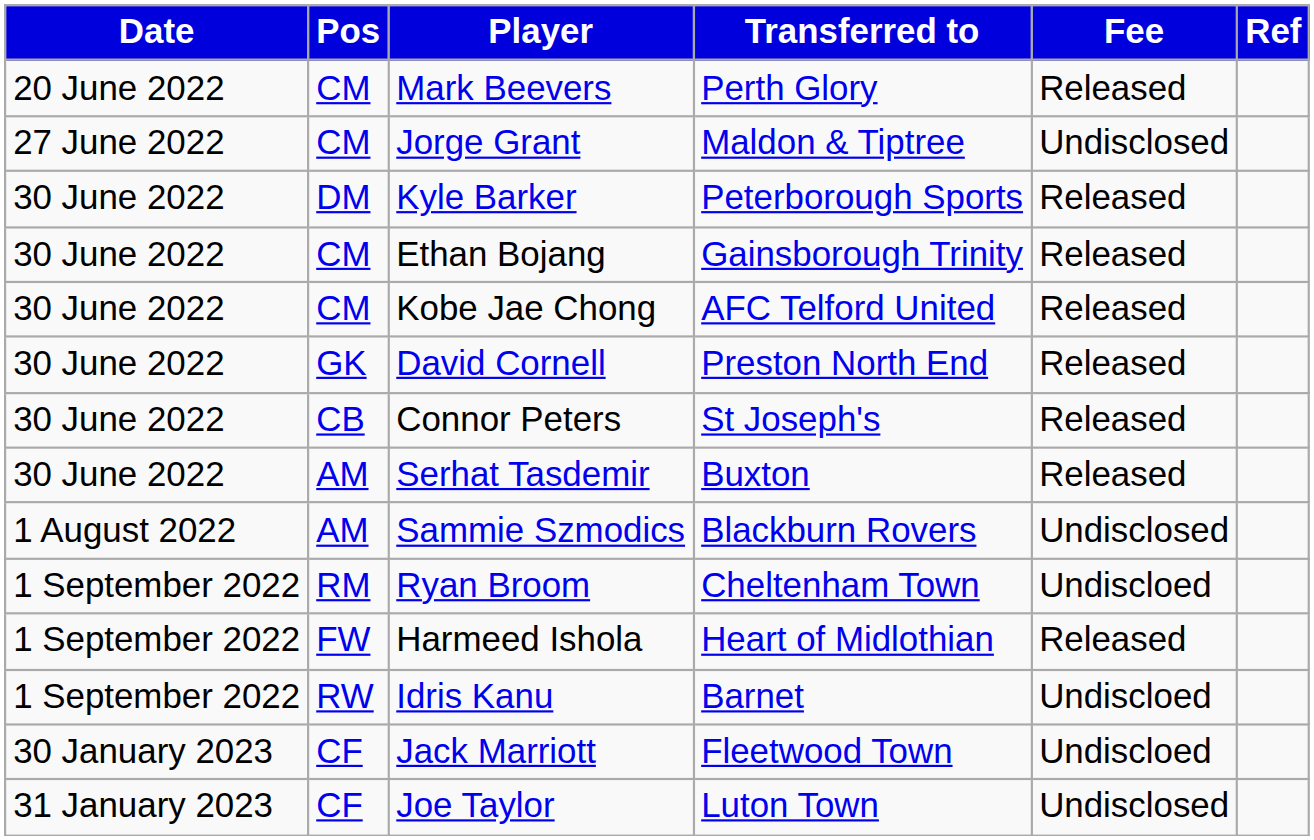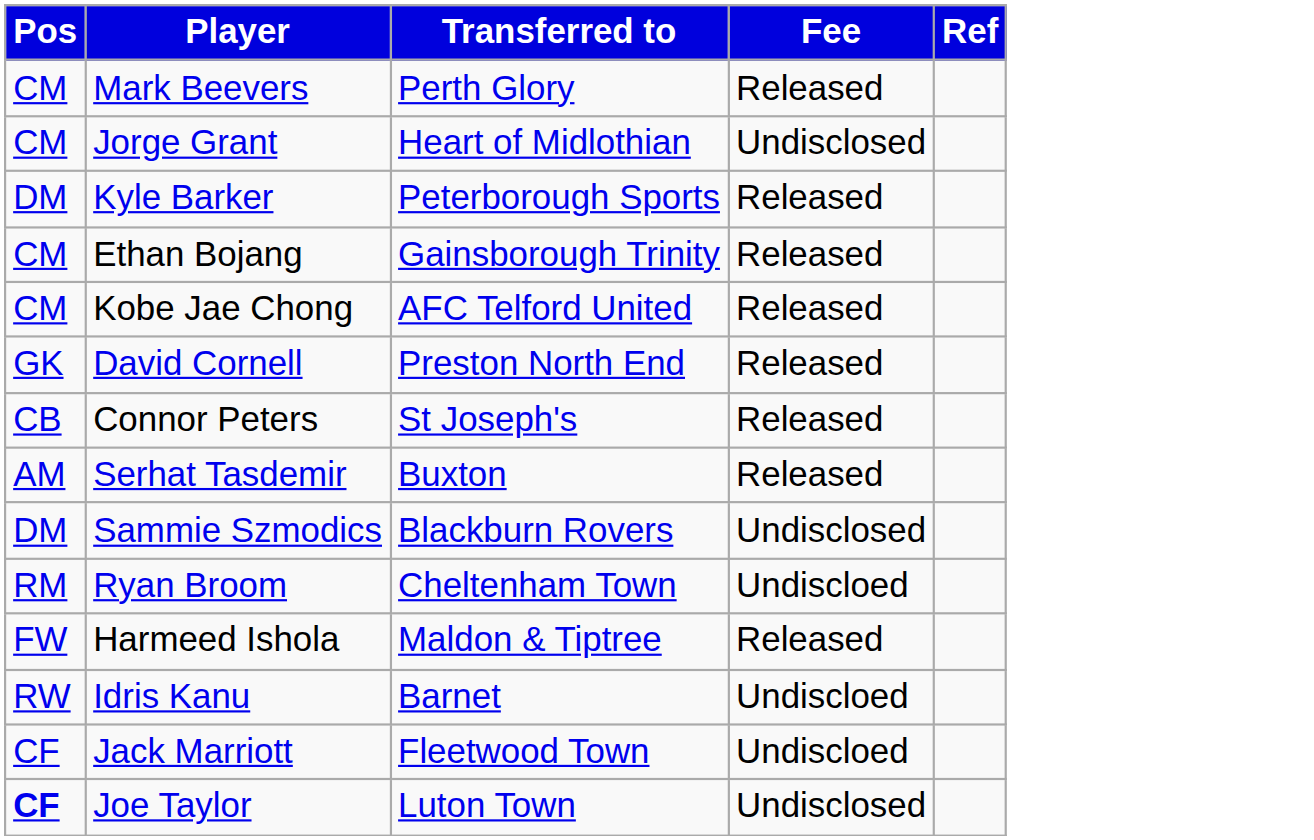 <table class="wikitable plainrowheaders sortable">
 <tr>
-<th style="background:#0000DD; color:#FFFFFF; ">Date</th>
 <th style="background:#0000DD; color:#FFFFFF; ">Pos</th>
 <th style="background:#0000DD; color:#FFFFFF; ">Player</th>
 <th style="background:#0000DD; color:#FFFFFF; ">Transferred to</th>
 <th style="background:#0000DD; color:#FFFFFF; ">Fee</th>
 <th style="background:#0000DD; color:#FFFFFF; ">Ref</th>
 </tr>
 <tr>
-<td>20 June 2022</td>
 <td><a href='#'>CM</a></td>
 <td> <a href='#'>Mark Beevers</a></td>
 <td> <a href='#'>Perth Glory</a></td>
 <td>Released</td>
 <td></td>
 </tr>
 <tr>
-<td>27 June 2022</td>
 <td><a href='#'>CM</a></td>
 <td> <a href='#'>Jorge Grant</a></td>
-<td> <a href='#'>Maldon & Tiptree</a></td>
+<td> <a href='#'>Heart of Midlothian</a></td>
 <td>Undisclosed</td>
 <td></td>
 </tr>
 <tr>
-<td>30 June 2022</td>
 <td><a href='#'>DM</a></td>
 <td> <a href='#'>Kyle Barker</a></td>
 <td> <a href='#'>Peterborough Sports</a></td>
 <td>Released</td>
 <td></td>
 </tr>
 <tr>
-<td>30 June 2022</td>
 <td><a href='#'>CM</a></td>
 <td> Ethan Bojang</td>
 <td> <a href='#'>Gainsborough Trinity</a></td>
 <td>Released</td>
 <td></td>
 </tr>
 <tr>
-<td>30 June 2022</td>
 <td><a href='#'>CM</a></td>
 <td> Kobe Jae Chong</td>
 <td> <a href='#'>AFC Telford United</a></td>
 <td>Released</td>
 <td></td>
 </tr>
 <tr>
-<td>30 June 2022</td>
 <td><a href='#'>GK</a></td>
 <td> <a href='#'>David Cornell</a></td>
 <td> <a href='#'>Preston North End</a></td>
 <td>Released</td>
 <td></td>
 </tr>
 <tr>
-<td>30 June 2022</td>
 <td><a href='#'>CB</a></td>
 <td> Connor Peters</td>
 <td> <a href='#'>St Joseph's</a></td>
 <td>Released</td>
 <td></td>
 </tr>
 <tr>
-<td>30 June 2022</td>
 <td><a href='#'>AM</a></td>
 <td> <a href='#'>Serhat Tasdemir</a></td>
 <td> <a href='#'>Buxton</a></td>
 <td>Released</td>
 <td></td>
 </tr>
 <tr>
-<td>1 August 2022</td>
-<td><a href='#'>AM</a></td>
+<td><a href='#'>DM</a></td>
 <td> <a href='#'>Sammie Szmodics</a></td>
 <td> <a href='#'>Blackburn Rovers</a></td>
 <td>Undisclosed</td>
 <td></td>
 </tr>
 <tr>
-<td>1 September 2022</td>
 <td><a href='#'>RM</a></td>
 <td> <a href='#'>Ryan Broom</a></td>
 <td> <a href='#'>Cheltenham Town</a></td>
 <td>Undiscloed</td>
 <td></td>
 </tr>
 <tr>
-<td>1 September 2022</td>
 <td><a href='#'>FW</a></td>
 <td> Harmeed Ishola</td>
-<td> <a href='#'>Heart of Midlothian</a></td>
+<td> <a href='#'>Maldon & Tiptree</a></td>
 <td>Released</td>
 <td></td>
 </tr>
 <tr>
-<td>1 September 2022</td>
 <td><a href='#'>RW</a></td>
 <td> <a href='#'>Idris Kanu</a></td>
 <td> <a href='#'>Barnet</a></td>
 <td>Undiscloed</td>
 <td></td>
 </tr>
 <tr>
-<td>30 January 2023</td>
 <td><a href='#'>CF</a></td>
 <td> <a href='#'>Jack Marriott</a></td>
 <td> <a href='#'>Fleetwood Town</a></td>
 <td>Undiscloed</td>
 <td></td>
 </tr>
 <tr>
-<td>31 January 2023</td>
-<td><a href='#'>CF</a></td>
+<td><strong><a href='#'>CF</a></strong></td>
 <td> <a href='#'>Joe Taylor</a></td>
 <td> <a href='#'>Luton Town</a></td>
 <td>Undisclosed</td>
 <td></td>
 </tr>
 </table>
